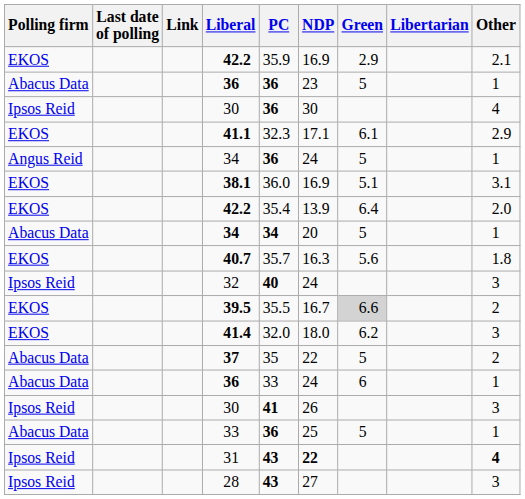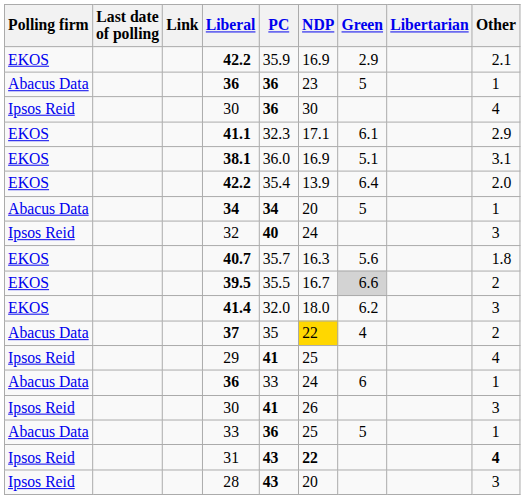 <table class="wikitable mw-collapsible sortable mw-collapsed">
 <tr style="background:#e9e9e9;">
 <th>Polling firm</th>
 <th>Last date<br>of polling</th>
 <th class=unsortable>Link</th>
 <th style="background-color:"><strong><a href='#'>Liberal</a></strong></th>
 <th style="background-color:"><strong><a href='#'>PC</a></strong></th>
 <th style="background-color:"><strong><a href='#'>NDP</a></strong></th>
 <th style="background-color:"><strong><a href='#'>Green</a></strong></th>
 <th style="background-color:"><strong><a href='#'>Libertarian</a></strong></th>
 <th style="background-color:"><strong>Other</strong></th>
 </tr>
 <tr>
 <td><a href='#'>EKOS</a></td>
 <td></td>
 <td></td>
 <td style="padding-right:8px; text-align:right;"><strong>42.2</strong></td>
 <td style="padding-right:8px; text-align:right;">35.9</td>
 <td style="padding-right:8px; text-align:right;">16.9</td>
 <td style="padding-right:8px; text-align:right;">2.9</td>
 <td style="padding-right:8px; text-align:right;"></td>
 <td style="padding-right:8px; text-align:right;">2.1</td>
 </tr>
 <tr>
 <td><a href='#'>Abacus Data</a></td>
 <td></td>
 <td></td>
 <td style="padding-right:20px; text-align:right;"><strong>36</strong></td>
 <td style="padding-right:20px; text-align:right;"><strong>36</strong></td>
 <td style="padding-right:20px; text-align:right;">23</td>
 <td style="padding-right:20px; text-align:right;">5</td>
 <td style="padding-right:8px; text-align:right;"></td>
 <td style="padding-right:20px; text-align:right;">1</td>
 </tr>
 <tr>
 <td><a href='#'>Ipsos Reid</a></td>
 <td></td>
 <td></td>
 <td style="padding-right:20px; text-align:right;">30</td>
 <td style="padding-right:20px; text-align:right;"><strong>36</strong></td>
 <td style="padding-right:20px; text-align:right;">30</td>
 <td style="padding-right:8px; text-align:right;"></td>
 <td style="padding-right:8px; text-align:right;"></td>
 <td style="padding-right:20px; text-align:right;">4</td>
 </tr>
 <tr>
 <td><a href='#'>EKOS</a></td>
 <td></td>
 <td></td>
 <td style="padding-right:8px; text-align:right;"><strong>41.1</strong></td>
 <td style="padding-right:8px; text-align:right;">32.3</td>
 <td style="padding-right:8px; text-align:right;">17.1</td>
 <td style="padding-right:8px; text-align:right;">6.1</td>
 <td style="padding-right:8px; text-align:right;"></td>
 <td style="padding-right:8px; text-align:right;">2.9</td>
 </tr>
 <tr>
-<td><a href='#'>Angus Reid</a></td>
-<td></td>
-<td></td>
-<td style="padding-right:20px; text-align:right;">34</td>
-<td style="padding-right:20px; text-align:right;"><strong>36</strong></td>
-<td style="padding-right:20px; text-align:right;">24</td>
-<td style="padding-right:20px; text-align:right;">5</td>
-<td style="padding-right:8px; text-align:right;"></td>
-<td style="padding-right:20px; text-align:right;">1</td>
-</tr>
-<tr>
 <td><a href='#'>EKOS</a></td>
 <td></td>
 <td></td>
 <td style="padding-right:8px; text-align:right;"><strong>38.1</strong></td>
 <td style="padding-right:8px; text-align:right;">36.0</td>
 <td style="padding-right:8px; text-align:right;">16.9</td>
 <td style="padding-right:8px; text-align:right;">5.1</td>
 <td style="padding-right:8px; text-align:right;"></td>
 <td style="padding-right:8px; text-align:right;">3.1</td>
 </tr>
 <tr>
 <td><a href='#'>EKOS</a></td>
 <td></td>
 <td></td>
 <td style="padding-right:8px; text-align:right;"><strong>42.2</strong></td>
 <td style="padding-right:8px; text-align:right;">35.4</td>
 <td style="padding-right:8px; text-align:right;">13.9</td>
 <td style="padding-right:8px; text-align:right;">6.4</td>
 <td style="padding-right:8px; text-align:right;"></td>
 <td style="padding-right:8px; text-align:right;">2.0</td>
 </tr>
 <tr>
 <td><a href='#'>Abacus Data</a></td>
 <td></td>
 <td></td>
 <td style="padding-right:20px; text-align:right;"><strong>34</strong></td>
 <td style="padding-right:20px; text-align:right;"><strong>34</strong></td>
 <td style="padding-right:20px; text-align:right;">20</td>
 <td style="padding-right:20px; text-align:right;">5</td>
 <td style="padding-right:8px; text-align:right;"></td>
 <td style="padding-right:20px; text-align:right;">1</td>
 </tr>
 <tr>
+<td><a href='#'>Ipsos Reid</a></td>
+<td></td>
+<td></td>
+<td style="padding-right:20px; text-align:right;">32</td>
+<td style="padding-right:20px; text-align:right;"><strong>40</strong></td>
+<td style="padding-right:20px; text-align:right;">24</td>
+<td style="padding-right:8px; text-align:right;"></td>
+<td style="padding-right:8px; text-align:right;"></td>
+<td style="padding-right:20px; text-align:right;">3</td>
+</tr>
+<tr>
 <td><a href='#'>EKOS</a></td>
 <td></td>
 <td></td>
 <td style="padding-right:8px; text-align:right;"><strong>40.7</strong></td>
 <td style="padding-right:8px; text-align:right;">35.7</td>
 <td style="padding-right:8px; text-align:right;">16.3</td>
 <td style="padding-right:8px; text-align:right;">5.6</td>
 <td style="padding-right:8px; text-align:right;"></td>
 <td style="padding-right:8px; text-align:right;">1.8</td>
-</tr>
-<tr>
-<td><a href='#'>Ipsos Reid</a></td>
-<td></td>
-<td></td>
-<td style="padding-right:20px; text-align:right;">32</td>
-<td style="padding-right:20px; text-align:right;"><strong>40</strong></td>
-<td style="padding-right:20px; text-align:right;">24</td>
-<td style="padding-right:8px; text-align:right;"></td>
-<td style="padding-right:8px; text-align:right;"></td>
-<td style="padding-right:20px; text-align:right;">3</td>
 </tr>
 <tr>
 <td><a href='#'>EKOS</a></td>
 <td></td>
 <td></td>
 <td style="padding-right:8px; text-align:right;"><strong>39.5</strong></td>
 <td style="padding-right:8px; text-align:right;">35.5</td>
 <td style="padding-right:8px; text-align:right;">16.7</td>
 <td style="background: lightgrey; padding-right:8px; text-align:right;">6.6</td>
 <td style="padding-right:8px; text-align:right;"></td>
 <td style="padding-right:20px; text-align:right;">2</td>
 </tr>
 <tr>
 <td><a href='#'>EKOS</a></td>
 <td></td>
 <td></td>
 <td style="padding-right:8px; text-align:right;"><strong>41.4</strong></td>
 <td style="padding-right:8px; text-align:right;">32.0</td>
 <td style="padding-right:8px; text-align:right;">18.0</td>
 <td style="padding-right:8px; text-align:right;">6.2</td>
 <td style="padding-right:8px; text-align:right;"></td>
 <td style="padding-right:20px; text-align:right;">3</td>
 </tr>
 <tr>
 <td><a href='#'>Abacus Data</a></td>
 <td></td>
 <td></td>
 <td style="padding-right:20px; text-align:right;"><strong>37</strong></td>
 <td style="padding-right:20px; text-align:right;">35</td>
-<td style="padding-right:20px; text-align:right;">22</td>
-<td style="padding-right:20px; text-align:right;">5</td>
+<td style="background: gold; padding-right:20px; text-align:right;">22</td>
+<td style="padding-right:20px; text-align:right;">4</td>
 <td style="padding-right:8px; text-align:right;"></td>
 <td style="padding-right:20px; text-align:right;">2</td>
+</tr>
+<tr>
+<td><a href='#'>Ipsos Reid</a></td>
+<td></td>
+<td></td>
+<td style="padding-right:20px; text-align:right;">29</td>
+<td style="padding-right:20px; text-align:right;"><strong>41</strong></td>
+<td style="padding-right:20px; text-align:right;">25</td>
+<td style="padding-right:8px; text-align:right;"></td>
+<td style="padding-right:8px; text-align:right;"></td>
+<td style="padding-right:20px; text-align:right;">4</td>
 </tr>
 <tr>
 <td><a href='#'>Abacus Data</a></td>
 <td></td>
 <td></td>
 <td style="padding-right:20px; text-align:right;"><strong>36</strong></td>
 <td style="padding-right:20px; text-align:right;">33</td>
 <td style="padding-right:20px; text-align:right;">24</td>
 <td style="padding-right:20px; text-align:right;">6</td>
 <td style="padding-right:8px; text-align:right;"></td>
 <td style="padding-right:20px; text-align:right;">1</td>
 </tr>
 <tr>
 <td><a href='#'>Ipsos Reid</a></td>
 <td></td>
 <td></td>
 <td style="padding-right:20px; text-align:right;">30</td>
 <td style="padding-right:20px; text-align:right;"><strong>41</strong></td>
 <td style="padding-right:20px; text-align:right;">26</td>
 <td style="padding-right:8px; text-align:right;"></td>
 <td style="padding-right:8px; text-align:right;"></td>
 <td style="padding-right:20px; text-align:right;">3</td>
 </tr>
 <tr>
 <td><a href='#'>Abacus Data</a></td>
 <td></td>
 <td></td>
 <td style="padding-right:20px; text-align:right;">33</td>
 <td style="padding-right:20px; text-align:right;"><strong>36</strong></td>
 <td style="padding-right:20px; text-align:right;">25</td>
 <td style="padding-right:20px; text-align:right;">5</td>
 <td style="padding-right:8px; text-align:right;"></td>
 <td style="padding-right:20px; text-align:right;">1</td>
 </tr>
 <tr>
 <td><a href='#'>Ipsos Reid</a></td>
 <td></td>
 <td></td>
 <td style="padding-right:20px; text-align:right;">31</td>
 <td style="padding-right:20px; text-align:right;"><strong>43</strong></td>
 <td style="padding-right:20px; text-align:right;"><strong>22</strong></td>
 <td style="padding-right:8px; text-align:right;"></td>
 <td style="padding-right:8px; text-align:right;"></td>
 <td style="padding-right:20px; text-align:right;"><strong>4</strong></td>
 </tr>
 <tr>
 <td><a href='#'>Ipsos Reid</a></td>
 <td></td>
 <td></td>
 <td style="padding-right:20px; text-align:right;">28</td>
 <td style="padding-right:20px; text-align:right;"><strong>43</strong></td>
-<td style="padding-right:20px; text-align:right;">27</td>
+<td style="padding-right:20px; text-align:right;">20</td>
 <td style="padding-right:8px; text-align:right;"></td>
 <td style="padding-right:8px; text-align:right;"></td>
 <td style="padding-right:20px; text-align:right;">3</td>
 </tr>
 </table>
